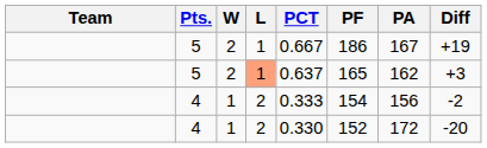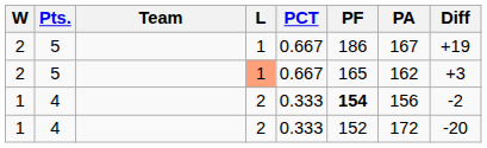 <table class=wikitable>
 <tr align=center>
+<th width=20px>W</th>
+<th width=30px><a href='#'>Pts.</a></th>
 <th width=150px>Team</th>
-<th width=30px><a href='#'>Pts.</a></th>
-<th width=20px>W</th>
 <th width=20px>L</th>
 <th><a href='#'>PCT</a></th>
 <th width=40px>PF</th>
 <th width=40px>PA</th>
 <th width=40px>Diff</th>
 </tr>
 <tr align=center>
+<td>2</td>
+<td>5</td>
 <td align=left></td>
-<td>5</td>
-<td>2</td>
 <td>1</td>
 <td>0.667</td>
 <td>186</td>
 <td>167</td>
 <td>+19</td>
 </tr>
 <tr align=center>
+<td>2</td>
+<td>5</td>
 <td align=left></td>
-<td>5</td>
-<td>2</td>
 <td style="background: lightsalmon;">1</td>
-<td>0.637</td>
+<td>0.667</td>
 <td>165</td>
 <td>162</td>
 <td>+3</td>
 </tr>
 <tr align=center>
+<td>1</td>
+<td>4</td>
 <td align=left></td>
-<td>4</td>
-<td>1</td>
 <td>2</td>
 <td>0.333</td>
-<td>154</td>
+<td><strong>154</strong></td>
 <td>156</td>
 <td>-2</td>
 </tr>
 <tr align=center>
+<td>1</td>
+<td>4</td>
 <td align=left></td>
-<td>4</td>
-<td>1</td>
 <td>2</td>
-<td>0.330</td>
+<td>0.333</td>
 <td>152</td>
 <td>172</td>
 <td>-20</td>
 </tr>
 </table>
